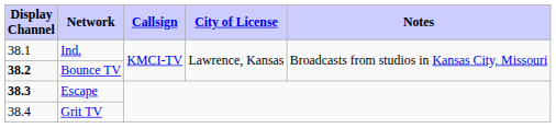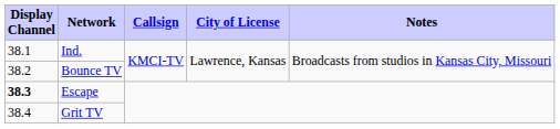 <table class="wikitable" border="1">
 <tr>
 <th style="background:#ccccff;"><strong>Display<br>Channel</strong></th>
 <th style="background:#ccccff;"><strong>Network</strong></th>
 <th style="background:#ccccff;"><strong><a href='#'>Callsign</a></strong></th>
 <th style="background:#ccccff;"><strong><a href='#'>City of License</a></strong></th>
 <th style="background:#ccccff;"><strong>Notes</strong></th>
 </tr>
 <tr>
 <td rowspan=1>38.1</td>
 <td rowspan=1><a href='#'>Ind.</a></td>
 <td rowspan=2><a href='#'>KMCI-TV</a></td>
 <td rowspan=2>Lawrence, Kansas</td>
 <td rowspan=2>Broadcasts from studios in <a href='#'>Kansas City, Missouri</a></td>
 </tr>
 <tr>
-<td><strong>38.2</strong></td>
+<td>38.2</td>
 <td><a href='#'>Bounce TV</a></td>
 </tr>
 <tr>
 <td><strong>38.3</strong></td>
 <td><a href='#'>Escape</a></td>
 </tr>
 <tr>
 <td>38.4</td>
 <td><a href='#'>Grit TV</a></td>
 </tr>
 </table>
